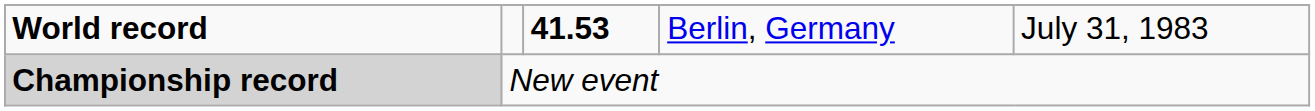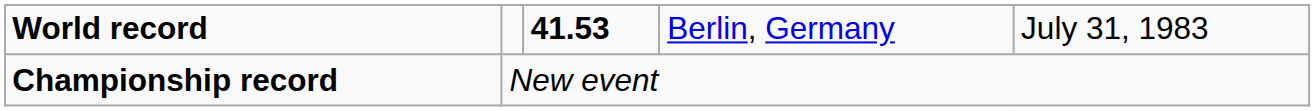 <table class="wikitable" width=75%>
 <tr>
 <td><strong>World record</strong></td>
 <td></td>
 <td><strong>41.53</strong></td>
 <td><a href='#'>Berlin</a>, <a href='#'>Germany</a></td>
 <td>July 31, 1983</td>
 </tr>
 <tr>
-<td style="background: lightgrey;"><strong>Championship record</strong></td>
+<td><strong>Championship record</strong></td>
 <td colspan="4"><em>New event</em></td>
 </tr>
 </table>
